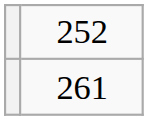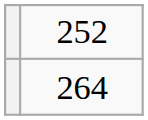 <table class="wikitable">
 <tr>
 <th></th>
 <td style="padding-left: 1em; padding-right: 1em">252</td>
 </tr>
 <tr>
 <th></th>
-<td style="padding-left: 1em; padding-right: 1em">261</td>
+<td style="padding-left: 1em; padding-right: 1em">264</td>
 </tr>
 </table>
